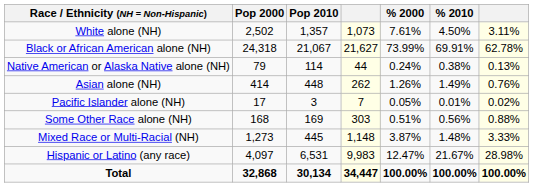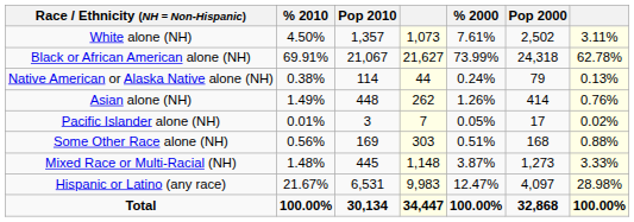 <table class="wikitable" style="text-align:center;">
 <tr>
 <th>Race / Ethnicity <small>(<em>NH = Non-Hispanic</em>)</small></th>
-<th>Pop 2000</th>
+<th>% 2010</th>
 <th>Pop 2010</th>
 <th></th>
 <th>% 2000</th>
-<th>% 2010</th>
+<th>Pop 2000</th>
 <th></th>
 </tr>
 <tr>
 <td><a href='#'>White</a> alone (NH)</td>
-<td>2,502</td>
+<td>4.50%</td>
 <td>1,357</td>
 <td style='background: #ffffe6;'>1,073</td>
 <td>7.61%</td>
-<td>4.50%</td>
+<td>2,502</td>
 <td style='background: #ffffe6;'>3.11%</td>
 </tr>
 <tr>
 <td><a href='#'>Black or African American</a> alone (NH)</td>
-<td>24,318</td>
+<td>69.91%</td>
 <td>21,067</td>
 <td style='background: #ffffe6;'>21,627</td>
 <td>73.99%</td>
-<td>69.91%</td>
+<td>24,318</td>
 <td style='background: #ffffe6;'>62.78%</td>
 </tr>
 <tr>
 <td><a href='#'>Native American</a> or <a href='#'>Alaska Native</a> alone (NH)</td>
-<td>79</td>
+<td>0.38%</td>
 <td>114</td>
 <td style='background: #ffffe6;'>44</td>
 <td>0.24%</td>
-<td>0.38%</td>
+<td>79</td>
 <td style='background: #ffffe6;'>0.13%</td>
 </tr>
 <tr>
 <td><a href='#'>Asian</a> alone (NH)</td>
-<td>414</td>
+<td>1.49%</td>
 <td>448</td>
 <td style='background: #ffffe6;'>262</td>
 <td>1.26%</td>
-<td>1.49%</td>
+<td>414</td>
 <td style='background: #ffffe6;'>0.76%</td>
 </tr>
 <tr>
 <td><a href='#'>Pacific Islander</a> alone (NH)</td>
-<td>17</td>
+<td>0.01%</td>
 <td>3</td>
 <td style='background: #ffffe6;'>7</td>
 <td>0.05%</td>
-<td>0.01%</td>
+<td>17</td>
 <td style='background: #ffffe6;'>0.02%</td>
 </tr>
 <tr>
 <td><a href='#'>Some Other Race</a> alone (NH)</td>
-<td>168</td>
+<td>0.56%</td>
 <td>169</td>
 <td style='background: #ffffe6;'>303</td>
 <td>0.51%</td>
-<td>0.56%</td>
+<td>168</td>
 <td style='background: #ffffe6;'>0.88%</td>
 </tr>
 <tr>
 <td><a href='#'>Mixed Race or Multi-Racial</a> (NH)</td>
-<td>1,273</td>
+<td>1.48%</td>
 <td>445</td>
 <td style='background: #ffffe6;'>1,148</td>
 <td>3.87%</td>
-<td>1.48%</td>
+<td>1,273</td>
 <td style='background: #ffffe6;'>3.33%</td>
 </tr>
 <tr>
 <td><a href='#'>Hispanic or Latino</a> (any race)</td>
-<td>4,097</td>
+<td>21.67%</td>
 <td>6,531</td>
 <td style='background: #ffffe6;'>9,983</td>
 <td>12.47%</td>
-<td>21.67%</td>
+<td>4,097</td>
 <td style='background: #ffffe6;'>28.98%</td>
 </tr>
 <tr>
 <td><strong>Total</strong></td>
-<td><strong>32,868</strong></td>
+<td><strong>100.00%</strong></td>
 <td><strong>30,134</strong></td>
 <td style='background: #ffffe6;'><strong>34,447</strong></td>
 <td><strong>100.00%</strong></td>
-<td><strong>100.00%</strong></td>
+<td><strong>32,868</strong></td>
 <td style='background: #ffffe6;'><strong>100.00%</strong></td>
 </tr>
 </table>
